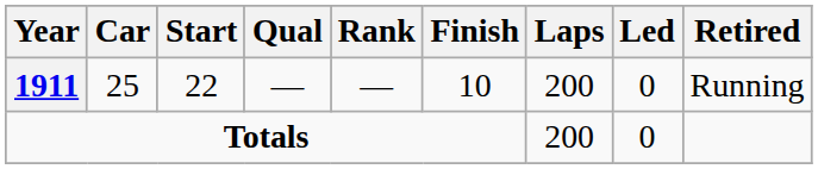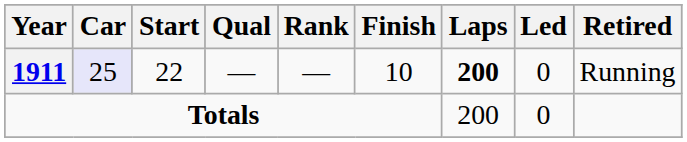 <table class="wikitable" style="text-align:center">
 <tr>
 <th>Year</th>
 <th>Car</th>
 <th>Start</th>
 <th>Qual</th>
 <th>Rank</th>
 <th>Finish</th>
 <th>Laps</th>
 <th>Led</th>
 <th>Retired</th>
 </tr>
 <tr>
 <th><a href='#'>1911</a></th>
-<td>25</td>
+<td style="background: lavender;">25</td>
 <td>22</td>
 <td>—</td>
 <td>—</td>
 <td>10</td>
-<td>200</td>
+<td><strong>200</strong></td>
 <td>0</td>
 <td>Running</td>
 </tr>
 <tr>
 <td colspan=6><strong>Totals</strong></td>
 <td>200</td>
 <td>0</td>
 <td></td>
 </tr>
 </table>
